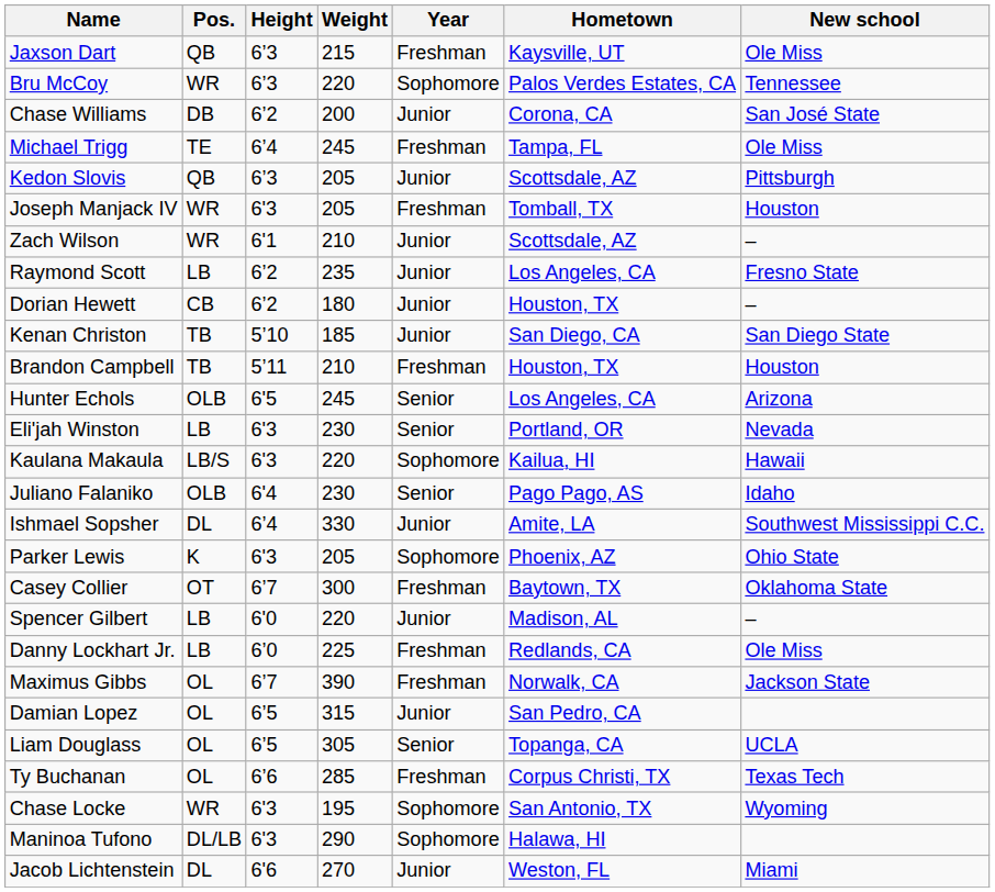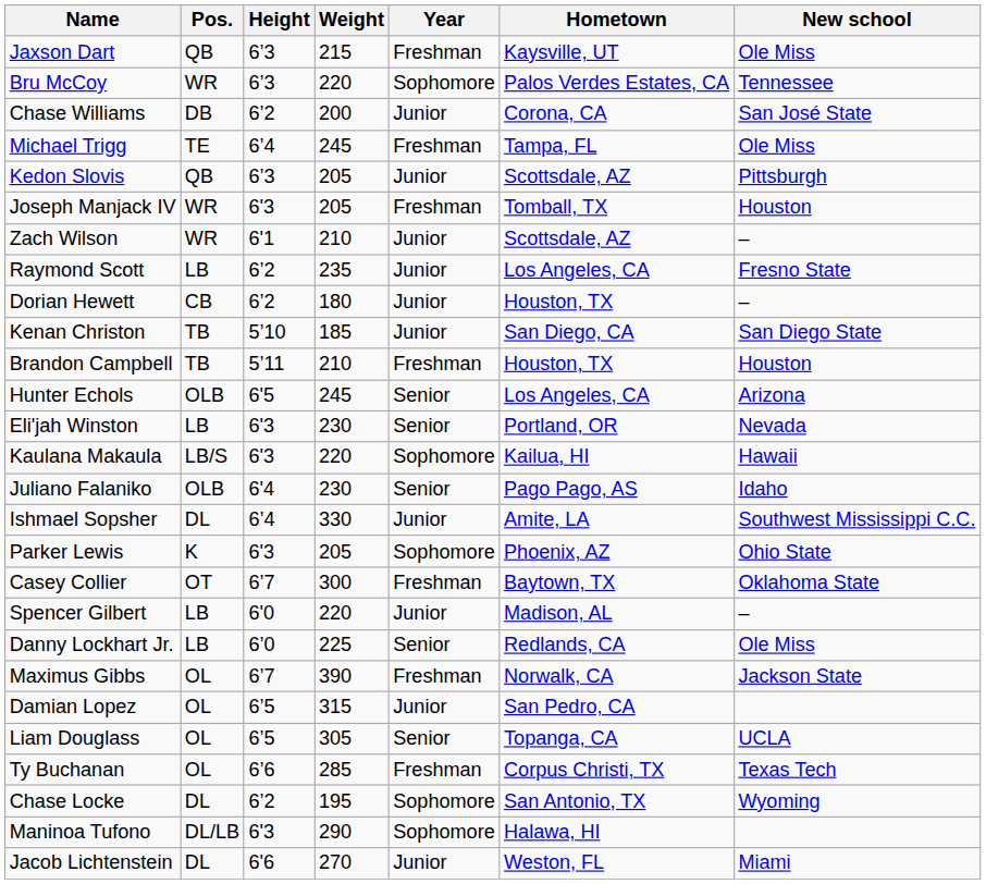 <table class="wikitable sortable">
 <tr>
 <th style="text-align:center; ">Name</th>
 <th style="text-align:center; ">Pos.</th>
 <th style="text-align:center; ">Height</th>
 <th style="text-align:center; ">Weight</th>
 <th style="text-align:center; ">Year</th>
 <th style="text-align:center; ">Hometown</th>
 <th style="text-align:center; ">New school</th>
 </tr>
 <tr>
 <td><a href='#'>Jaxson Dart</a></td>
 <td>QB</td>
 <td>6’3</td>
 <td>215</td>
 <td>Freshman</td>
 <td><a href='#'>Kaysville, UT</a></td>
 <td><a href='#'>Ole Miss</a></td>
 </tr>
 <tr>
 <td><a href='#'>Bru McCoy</a></td>
 <td>WR</td>
 <td>6’3</td>
 <td>220</td>
 <td> Sophomore</td>
 <td><a href='#'>Palos Verdes Estates, CA</a></td>
 <td><a href='#'>Tennessee</a></td>
 </tr>
 <tr>
 <td>Chase Williams</td>
 <td>DB</td>
 <td>6’2</td>
 <td>200</td>
 <td> Junior</td>
 <td><a href='#'>Corona, CA</a></td>
 <td><a href='#'>San José State</a></td>
 </tr>
 <tr>
 <td><a href='#'>Michael Trigg</a></td>
 <td>TE</td>
 <td>6’4</td>
 <td>245</td>
 <td>Freshman</td>
 <td><a href='#'>Tampa, FL</a></td>
 <td><a href='#'>Ole Miss</a></td>
 </tr>
 <tr>
 <td><a href='#'>Kedon Slovis</a></td>
 <td>QB</td>
 <td>6’3</td>
 <td>205</td>
 <td>Junior</td>
 <td><a href='#'>Scottsdale, AZ</a></td>
 <td><a href='#'>Pittsburgh</a></td>
 </tr>
 <tr>
 <td>Joseph Manjack IV</td>
 <td>WR</td>
 <td>6'3</td>
 <td>205</td>
 <td>Freshman</td>
 <td><a href='#'>Tomball, TX</a></td>
 <td><a href='#'>Houston</a></td>
 </tr>
 <tr>
 <td>Zach Wilson</td>
 <td>WR</td>
 <td>6'1</td>
 <td>210</td>
 <td> Junior</td>
 <td><a href='#'>Scottsdale, AZ</a></td>
 <td>–</td>
 </tr>
 <tr>
 <td>Raymond Scott</td>
 <td>LB</td>
 <td>6’2</td>
 <td>235</td>
 <td> Junior</td>
 <td><a href='#'>Los Angeles, CA</a></td>
 <td><a href='#'>Fresno State</a></td>
 </tr>
 <tr>
 <td>Dorian Hewett</td>
 <td>CB</td>
 <td>6’2</td>
 <td>180</td>
 <td>Junior</td>
 <td><a href='#'>Houston, TX</a></td>
 <td>–</td>
 </tr>
 <tr>
 <td>Kenan Christon</td>
 <td>TB</td>
 <td>5’10</td>
 <td>185</td>
 <td>Junior</td>
 <td><a href='#'>San Diego, CA</a></td>
 <td><a href='#'>San Diego State</a></td>
 </tr>
 <tr>
 <td>Brandon Campbell</td>
 <td>TB</td>
 <td>5’11</td>
 <td>210</td>
 <td>Freshman</td>
 <td><a href='#'>Houston, TX</a></td>
 <td><a href='#'>Houston</a></td>
 </tr>
 <tr>
 <td>Hunter Echols</td>
 <td>OLB</td>
 <td>6'5</td>
 <td>245</td>
 <td> Senior</td>
 <td><a href='#'>Los Angeles, CA</a></td>
 <td><a href='#'>Arizona</a></td>
 </tr>
 <tr>
 <td>Eli'jah Winston</td>
 <td>LB</td>
 <td>6'3</td>
 <td>230</td>
 <td> Senior</td>
 <td><a href='#'>Portland, OR</a></td>
 <td><a href='#'>Nevada</a></td>
 </tr>
 <tr>
 <td>Kaulana Makaula</td>
 <td>LB/S</td>
 <td>6'3</td>
 <td>220</td>
 <td> Sophomore</td>
 <td><a href='#'>Kailua, HI</a></td>
 <td><a href='#'>Hawaii</a></td>
 </tr>
 <tr>
 <td>Juliano Falaniko</td>
 <td>OLB</td>
 <td>6'4</td>
 <td>230</td>
 <td> Senior</td>
 <td><a href='#'>Pago Pago, AS</a></td>
 <td><a href='#'>Idaho</a></td>
 </tr>
 <tr>
 <td>Ishmael Sopsher</td>
 <td>DL</td>
 <td>6’4</td>
 <td>330</td>
 <td> Junior</td>
 <td><a href='#'>Amite, LA</a></td>
 <td><a href='#'>Southwest Mississippi C.C.</a></td>
 </tr>
 <tr>
 <td>Parker Lewis</td>
 <td>K</td>
 <td>6'3</td>
 <td>205</td>
 <td>Sophomore</td>
 <td><a href='#'>Phoenix, AZ</a></td>
 <td><a href='#'>Ohio State</a></td>
 </tr>
 <tr>
 <td>Casey Collier</td>
 <td>OT</td>
 <td>6’7</td>
 <td>300</td>
 <td> Freshman</td>
 <td><a href='#'>Baytown, TX</a></td>
 <td><a href='#'>Oklahoma State</a></td>
 </tr>
 <tr>
 <td>Spencer Gilbert</td>
 <td>LB</td>
 <td>6'0</td>
 <td>220</td>
 <td> Junior</td>
 <td><a href='#'>Madison, AL</a></td>
 <td>–</td>
 </tr>
 <tr>
 <td>Danny Lockhart Jr.</td>
 <td>LB</td>
 <td>6’0</td>
 <td>225</td>
-<td> Freshman</td>
+<td> Senior</td>
 <td><a href='#'>Redlands, CA</a></td>
 <td><a href='#'>Ole Miss</a></td>
 </tr>
 <tr>
 <td>Maximus Gibbs</td>
 <td>OL</td>
 <td>6’7</td>
 <td>390</td>
 <td>Freshman</td>
 <td><a href='#'>Norwalk, CA</a></td>
 <td><a href='#'>Jackson State</a></td>
 </tr>
 <tr>
 <td>Damian Lopez</td>
 <td>OL</td>
 <td>6’5</td>
 <td>315</td>
 <td> Junior</td>
 <td><a href='#'>San Pedro, CA</a></td>
 <td></td>
 </tr>
 <tr>
 <td>Liam Douglass</td>
 <td>OL</td>
 <td>6’5</td>
 <td>305</td>
 <td> Senior</td>
 <td><a href='#'>Topanga, CA</a></td>
 <td><a href='#'>UCLA</a></td>
 </tr>
 <tr>
 <td>Ty Buchanan</td>
 <td>OL</td>
 <td>6’6</td>
 <td>285</td>
 <td>Freshman</td>
 <td><a href='#'>Corpus Christi, TX</a></td>
 <td><a href='#'>Texas Tech</a></td>
 </tr>
 <tr>
 <td>Chase Locke</td>
-<td>WR</td>
-<td>6'3</td>
+<td>DL</td>
+<td>6’2</td>
 <td>195</td>
 <td> Sophomore</td>
 <td><a href='#'>San Antonio, TX</a></td>
 <td><a href='#'>Wyoming</a></td>
 </tr>
 <tr>
 <td>Maninoa Tufono</td>
 <td>DL/LB</td>
 <td>6'3</td>
 <td>290</td>
 <td> Sophomore</td>
 <td><a href='#'>Halawa, HI</a></td>
 <td></td>
 </tr>
 <tr>
 <td>Jacob Lichtenstein</td>
 <td>DL</td>
 <td>6'6</td>
 <td>270</td>
 <td> Junior</td>
 <td><a href='#'>Weston, FL</a></td>
 <td><a href='#'>Miami</a></td>
 </tr>
 <tr>
 </tr>
 </table>
